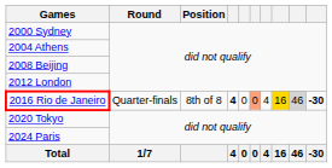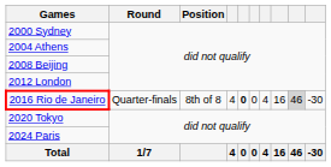 <table class="wikitable" style="text-align:center; font-size:90%;">
 <tr>
 <th>Games</th>
 <th>Round</th>
 <th>Position</th>
 <th></th>
 <th></th>
 <th></th>
 <th></th>
 <th></th>
 <th></th>
 <th></th>
 </tr>
 <tr>
 <td align=left> <a href='#'>2000 Sydney</a></td>
 <td rowspan=4 colspan=9><em>did not qualify</em></td>
 </tr>
 <tr>
 <td align=left> <a href='#'>2004 Athens</a></td>
 </tr>
 <tr>
 <td align=left> <a href='#'>2008 Beijing</a></td>
 </tr>
 <tr>
 <td align=left> <a href='#'>2012 London</a></td>
 </tr>
 <tr>
 <td style="border: 3px solid red"> <a href='#'>2016 Rio de Janeiro</a></td>
 <td>Quarter-finals</td>
 <td>8th of 8</td>
-<td><strong>4</strong></td>
+<td>4</td>
+<td><strong>0</strong></td>
 <td>0</td>
-<td style="background: lightsalmon;">0</td>
 <td>4</td>
-<td style="background: gold;">16</td>
+<td>16</td>
 <td style="background: lightgrey;">46</td>
-<td><strong>-30</strong></td>
+<td>-30</td>
 </tr>
 <tr>
 <td align=left> <a href='#'>2020 Tokyo</a></td>
 <td rowspan=2 colspan=9><em>did not qualify</em></td>
 </tr>
 <tr>
 <td align=left> <a href='#'>2024 Paris</a></td>
 </tr>
 <tr>
 <th>Total</th>
 <th>1/7</th>
 <th></th>
 <th>4</th>
 <th>0</th>
 <th>0</th>
 <th>4</th>
 <th>16</th>
 <th>46</th>
 <th>-30</th>
 </tr>
 </table>
